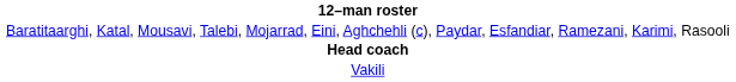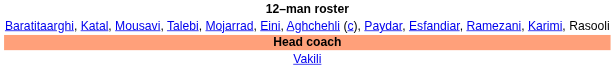 <table style="text-align:center; margin-top:2em; margin-left:auto; margin-right:auto">
 <tr>
 <td><strong>12–man roster</strong></td>
 </tr>
 <tr>
 <td><a href='#'>Baratitaarghi</a>, <a href='#'>Katal</a>, <a href='#'>Mousavi</a>, <a href='#'>Talebi</a>, <a href='#'>Mojarrad</a>, <a href='#'>Eini</a>, <a href='#'>Aghchehli</a> (<a href='#'>c</a>), <a href='#'>Paydar</a>, <a href='#'>Esfandiar</a>, <a href='#'>Ramezani</a>, <a href='#'>Karimi</a>, Rasooli</td>
 </tr>
 <tr>
-<td><strong>Head coach</strong></td>
+<td style="background: lightsalmon;"><strong>Head coach</strong></td>
 </tr>
 <tr>
 <td><a href='#'>Vakili</a></td>
 </tr>
 </table>
